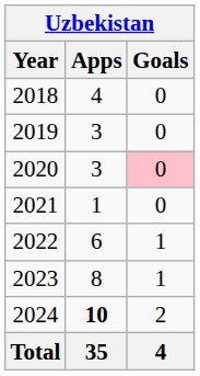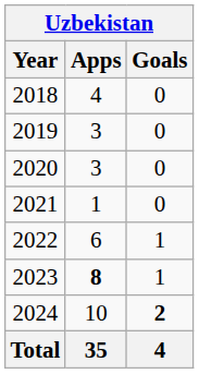 <table class="wikitable" style="text-align:center">
 <tr>
 <th colspan=3><a href='#'>Uzbekistan</a></th>
 </tr>
 <tr>
 <th>Year</th>
 <th>Apps</th>
 <th>Goals</th>
 </tr>
 <tr>
 <td>2018</td>
 <td>4</td>
 <td>0</td>
 </tr>
 <tr>
 <td>2019</td>
 <td>3</td>
 <td>0</td>
 </tr>
 <tr>
 <td>2020</td>
 <td>3</td>
-<td style="background: pink;">0</td>
+<td>0</td>
 </tr>
 <tr>
 <td>2021</td>
 <td>1</td>
 <td>0</td>
 </tr>
 <tr>
 <td>2022</td>
 <td>6</td>
 <td>1</td>
 </tr>
 <tr>
 <td>2023</td>
-<td>8</td>
+<td><strong>8</strong></td>
 <td>1</td>
 </tr>
 <tr>
 <td>2024</td>
-<td><strong>10</strong></td>
-<td>2</td>
+<td>10</td>
+<td><strong>2</strong></td>
 </tr>
 <tr>
 <th>Total</th>
 <th>35</th>
 <th>4</th>
 </tr>
 </table>
